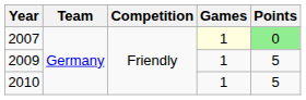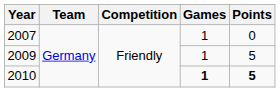 <table class="wikitable">
 <tr>
 <th>Year</th>
 <th>Team</th>
 <th>Competition</th>
 <th>Games</th>
 <th>Points</th>
 </tr>
 <tr align="center">
 <td>2007</td>
 <td rowspan=3><a href='#'>Germany</a></td>
 <td rowspan=3>Friendly</td>
-<td style="background: lightyellow;">1</td>
-<td style="background: lightgreen;">0</td>
+<td>1</td>
+<td>0</td>
 </tr>
 <tr align="center">
 <td>2009</td>
 <td>1</td>
 <td>5</td>
 </tr>
 <tr align="center">
 <td>2010</td>
-<td>1</td>
-<td>5</td>
+<td><strong>1</strong></td>
+<td><strong>5</strong></td>
 </tr>
 </table>
